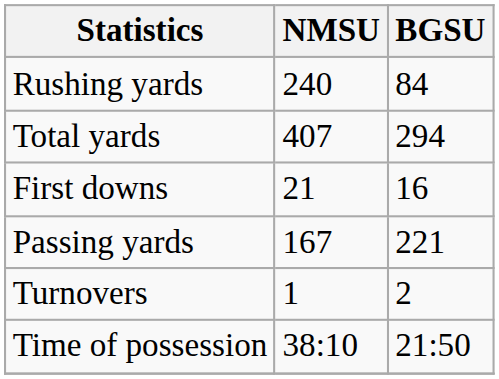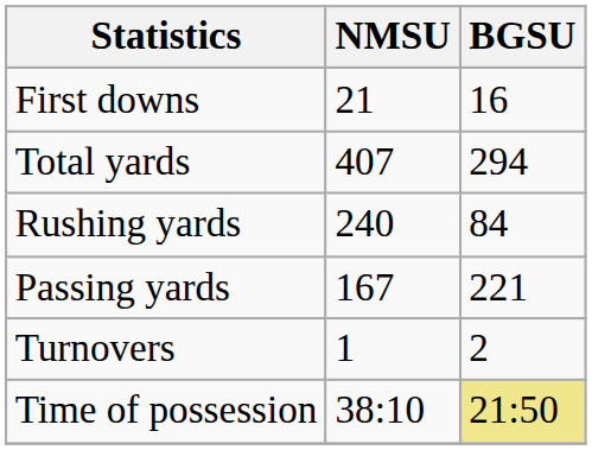 <table class="wikitable" style="float: left;">
 <tr>
 <th>Statistics</th>
 <th>NMSU</th>
 <th>BGSU</th>
 </tr>
 <tr>
-<td>Rushing yards</td>
-<td>240</td>
-<td>84</td>
+<td>First downs</td>
+<td>21</td>
+<td>16</td>
 </tr>
 <tr>
 <td>Total yards</td>
 <td>407</td>
 <td>294</td>
 </tr>
 <tr>
-<td>First downs</td>
-<td>21</td>
-<td>16</td>
+<td>Rushing yards</td>
+<td>240</td>
+<td>84</td>
 </tr>
 <tr>
 <td>Passing yards</td>
 <td>167</td>
 <td>221</td>
 </tr>
 <tr>
 <td>Turnovers</td>
 <td>1</td>
 <td>2</td>
 </tr>
 <tr>
 <td>Time of possession</td>
 <td>38:10</td>
-<td>21:50</td>
+<td style="background: khaki;">21:50</td>
 </tr>
 <tr>
 </tr>
 </table>
